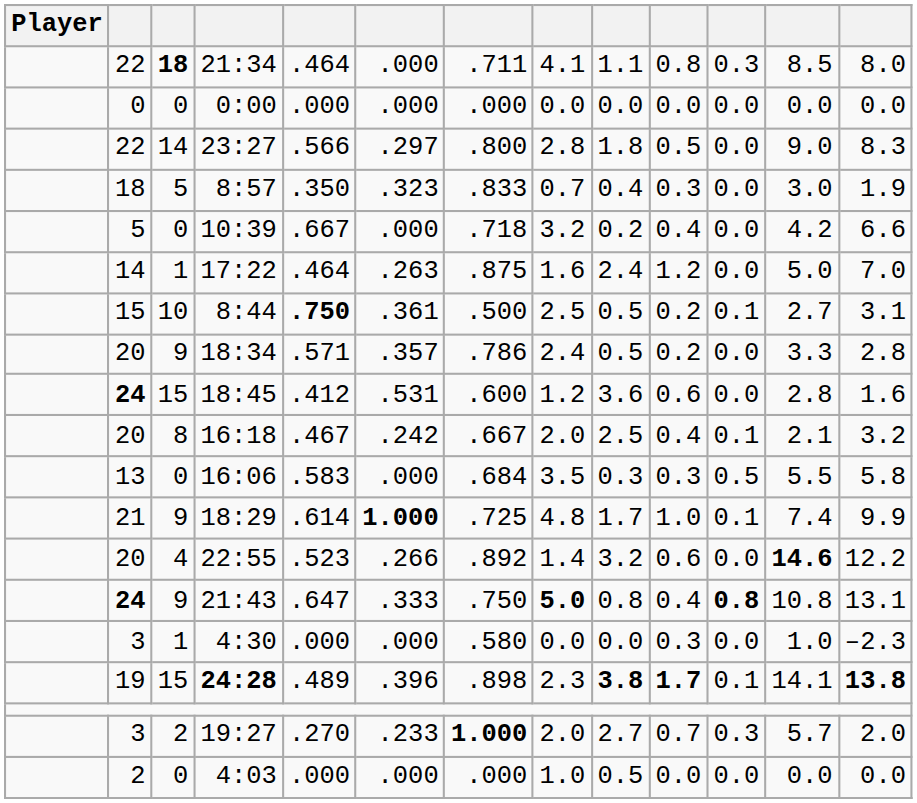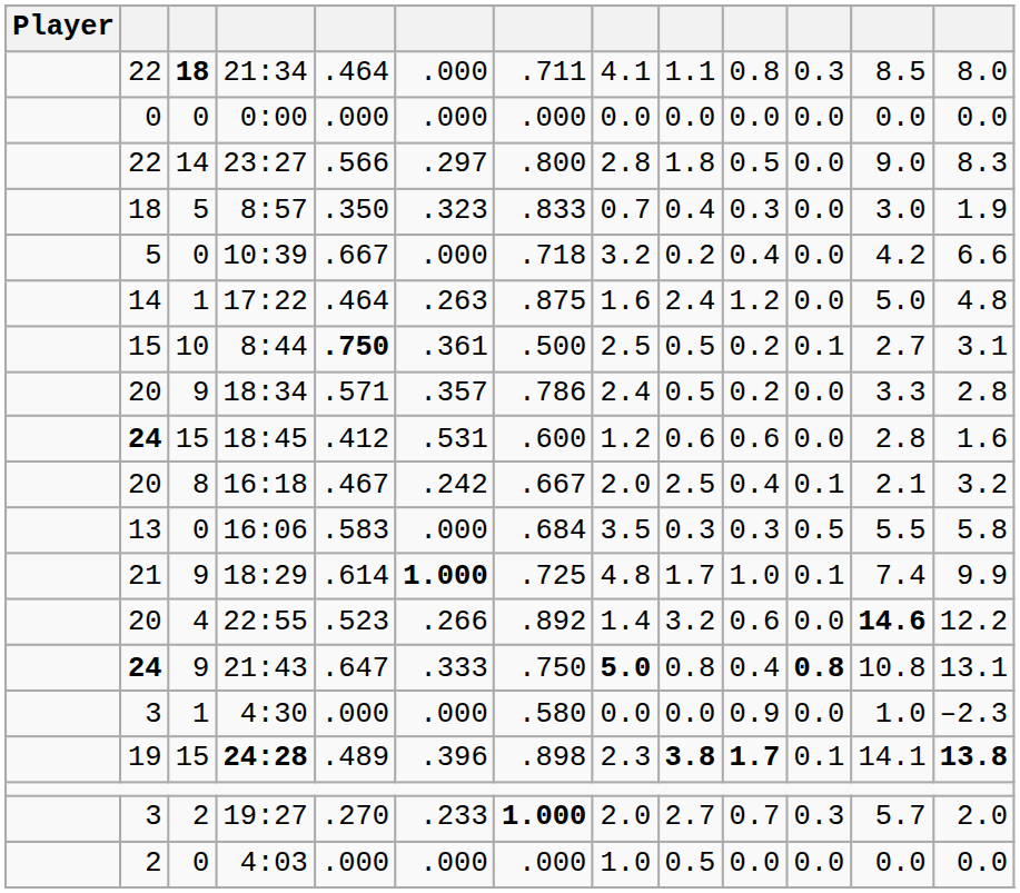 <table class="wikitable sortable" style="font-size:95%; text-align:right;">
 <tr>
 <th>Player</th>
 <th></th>
 <th></th>
 <th></th>
 <th></th>
 <th></th>
 <th></th>
 <th></th>
 <th></th>
 <th></th>
 <th></th>
 <th></th>
 <th></th>
 </tr>
 <tr>
 <td><strong></strong></td>
 <td>22</td>
 <td><strong>18</strong></td>
 <td>21:34</td>
 <td>.464</td>
 <td>.000</td>
 <td>.711</td>
 <td>4.1</td>
 <td>1.1</td>
 <td>0.8</td>
 <td>0.3</td>
 <td>8.5</td>
 <td>8.0</td>
 </tr>
 <tr>
 <td><strong></strong></td>
 <td>0</td>
 <td>0</td>
 <td>0:00</td>
 <td>.000</td>
 <td>.000</td>
 <td>.000</td>
 <td>0.0</td>
 <td>0.0</td>
 <td>0.0</td>
 <td>0.0</td>
 <td>0.0</td>
 <td>0.0</td>
 </tr>
 <tr>
 <td><strong></strong></td>
 <td>22</td>
 <td>14</td>
 <td>23:27</td>
 <td>.566</td>
 <td>.297</td>
 <td>.800</td>
 <td>2.8</td>
 <td>1.8</td>
 <td>0.5</td>
 <td>0.0</td>
 <td>9.0</td>
 <td>8.3</td>
 </tr>
 <tr>
 <td><strong></strong></td>
 <td>18</td>
 <td>5</td>
 <td>8:57</td>
 <td>.350</td>
 <td>.323</td>
 <td>.833</td>
 <td>0.7</td>
 <td>0.4</td>
 <td>0.3</td>
 <td>0.0</td>
 <td>3.0</td>
 <td>1.9</td>
 </tr>
 <tr>
 <td><strong></strong></td>
 <td>5</td>
 <td>0</td>
 <td>10:39</td>
 <td>.667</td>
 <td>.000</td>
 <td>.718</td>
 <td>3.2</td>
 <td>0.2</td>
 <td>0.4</td>
 <td>0.0</td>
 <td>4.2</td>
 <td>6.6</td>
 </tr>
 <tr>
 <td><strong></strong></td>
 <td>14</td>
 <td>1</td>
 <td>17:22</td>
 <td>.464</td>
 <td>.263</td>
 <td>.875</td>
 <td>1.6</td>
 <td>2.4</td>
 <td>1.2</td>
 <td>0.0</td>
 <td>5.0</td>
-<td>7.0</td>
+<td>4.8</td>
 </tr>
 <tr>
 <td><strong></strong></td>
 <td>15</td>
 <td>10</td>
 <td>8:44</td>
 <td><strong>.750</strong></td>
 <td>.361</td>
 <td>.500</td>
 <td>2.5</td>
 <td>0.5</td>
 <td>0.2</td>
 <td>0.1</td>
 <td>2.7</td>
 <td>3.1</td>
 </tr>
 <tr>
 <td><strong></strong></td>
 <td>20</td>
 <td>9</td>
 <td>18:34</td>
 <td>.571</td>
 <td>.357</td>
 <td>.786</td>
 <td>2.4</td>
 <td>0.5</td>
 <td>0.2</td>
 <td>0.0</td>
 <td>3.3</td>
 <td>2.8</td>
 </tr>
 <tr>
 <td><strong></strong></td>
 <td><strong>24</strong></td>
 <td>15</td>
 <td>18:45</td>
 <td>.412</td>
 <td>.531</td>
 <td>.600</td>
 <td>1.2</td>
-<td>3.6</td>
+<td>0.6</td>
 <td>0.6</td>
 <td>0.0</td>
 <td>2.8</td>
 <td>1.6</td>
 </tr>
 <tr>
 <td><strong></strong></td>
 <td>20</td>
 <td>8</td>
 <td>16:18</td>
 <td>.467</td>
 <td>.242</td>
 <td>.667</td>
 <td>2.0</td>
 <td>2.5</td>
 <td>0.4</td>
 <td>0.1</td>
 <td>2.1</td>
 <td>3.2</td>
 </tr>
 <tr>
 <td><strong></strong></td>
 <td>13</td>
 <td>0</td>
 <td>16:06</td>
 <td>.583</td>
 <td>.000</td>
 <td>.684</td>
 <td>3.5</td>
 <td>0.3</td>
 <td>0.3</td>
 <td>0.5</td>
 <td>5.5</td>
 <td>5.8</td>
 </tr>
 <tr>
 <td><strong></strong></td>
 <td>21</td>
 <td>9</td>
 <td>18:29</td>
 <td>.614</td>
 <td><strong>1.000</strong></td>
 <td>.725</td>
 <td>4.8</td>
 <td>1.7</td>
 <td>1.0</td>
 <td>0.1</td>
 <td>7.4</td>
 <td>9.9</td>
 </tr>
 <tr>
 <td><strong></strong></td>
 <td>20</td>
 <td>4</td>
 <td>22:55</td>
 <td>.523</td>
 <td>.266</td>
 <td>.892</td>
 <td>1.4</td>
 <td>3.2</td>
 <td>0.6</td>
 <td>0.0</td>
 <td><strong>14.6</strong></td>
 <td>12.2</td>
 </tr>
 <tr>
 <td><strong></strong></td>
 <td><strong>24</strong></td>
 <td>9</td>
 <td>21:43</td>
 <td>.647</td>
 <td>.333</td>
 <td>.750</td>
 <td><strong>5.0</strong></td>
 <td>0.8</td>
 <td>0.4</td>
 <td><strong>0.8</strong></td>
 <td>10.8</td>
 <td>13.1</td>
 </tr>
 <tr>
 <td><strong></strong></td>
 <td>3</td>
 <td>1</td>
 <td>4:30</td>
 <td>.000</td>
 <td>.000</td>
 <td>.580</td>
 <td>0.0</td>
 <td>0.0</td>
-<td>0.3</td>
+<td>0.9</td>
 <td>0.0</td>
 <td>1.0</td>
 <td>–2.3</td>
 </tr>
 <tr>
 <td><strong></strong></td>
 <td>19</td>
 <td>15</td>
 <td><strong>24:28</strong></td>
 <td>.489</td>
 <td>.396</td>
 <td>.898</td>
 <td>2.3</td>
 <td><strong>3.8</strong></td>
 <td><strong>1.7</strong></td>
 <td>0.1</td>
 <td>14.1</td>
 <td><strong>13.8</strong></td>
 </tr>
 <tr class="sortbottom">
 <td colspan=13></td>
 </tr>
 <tr>
 <td><em></em></td>
 <td>3</td>
 <td>2</td>
 <td>19:27</td>
 <td>.270</td>
 <td>.233</td>
 <td><strong>1.000</strong></td>
 <td>2.0</td>
 <td>2.7</td>
 <td>0.7</td>
 <td>0.3</td>
 <td>5.7</td>
 <td>2.0</td>
 </tr>
 <tr>
 <td><em></em></td>
 <td>2</td>
 <td>0</td>
 <td>4:03</td>
 <td>.000</td>
 <td>.000</td>
 <td>.000</td>
 <td>1.0</td>
 <td>0.5</td>
 <td>0.0</td>
 <td>0.0</td>
 <td>0.0</td>
 <td>0.0</td>
 </tr>
 <tr>
 </tr>
 </table>
